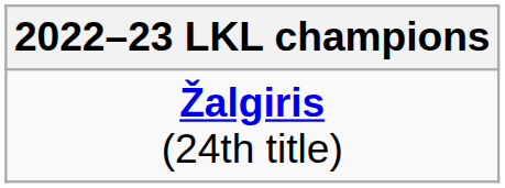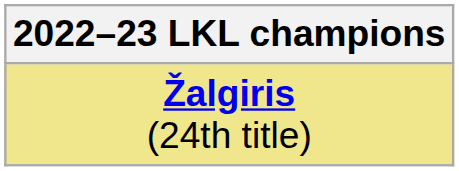 <table class=wikitable style="text-align:center; margin:auto">
 <tr>
 <th>2022–23 LKL champions</th>
 </tr>
 <tr>
-<td><strong><a href='#'>Žalgiris</a></strong><br>(24th title)</td>
+<td style="background: khaki;"><strong><a href='#'>Žalgiris</a></strong><br>(24th title)</td>
 </tr>
 </table>
